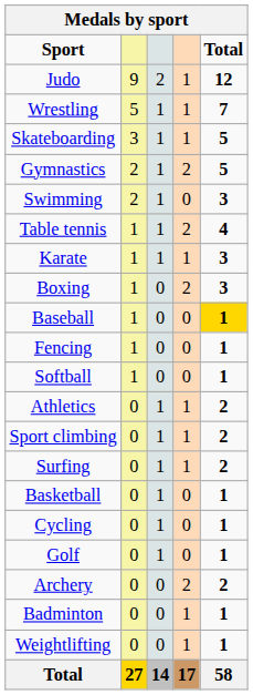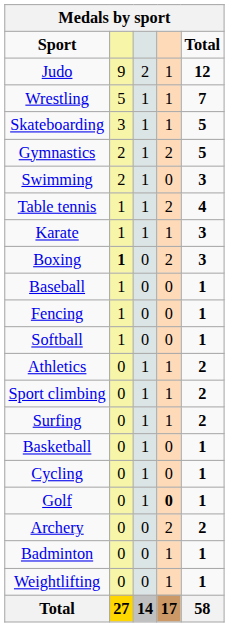 <table class="wikitable" style="font-size:95%; float:right;">
 <tr style="background:#efefef;">
 <th colspan=7>Medals by sport</th>
 </tr>
 <tr align=center>
 <td><strong>Sport</strong></td>
 <td style="background:#f7f6a8;"></td>
 <td style="background:#dce5e5;"></td>
 <td style="background:#ffdab9;"></td>
 <td><strong>Total</strong></td>
 </tr>
 <tr align=center>
 <td><a href='#'>Judo</a></td>
 <td style="background:#F7F6A8;">9</td>
 <td style="background:#DCE5E5;">2</td>
 <td style="background:#FFDAB9;">1</td>
 <td><strong>12</strong></td>
 </tr>
 <tr align=center>
 <td><a href='#'>Wrestling</a></td>
 <td style="background:#F7F6A8;">5</td>
 <td style="background:#DCE5E5;">1</td>
 <td style="background:#FFDAB9;">1</td>
 <td><strong>7</strong></td>
 </tr>
 <tr align=center>
 <td><a href='#'>Skateboarding</a></td>
 <td style="background:#F7F6A8;">3</td>
 <td style="background:#DCE5E5;">1</td>
 <td style="background:#FFDAB9;">1</td>
 <td><strong>5</strong></td>
 </tr>
 <tr align=center>
 <td><a href='#'>Gymnastics</a></td>
 <td style="background:#F7F6A8;">2</td>
 <td style="background:#DCE5E5;">1</td>
 <td style="background:#FFDAB9;">2</td>
 <td><strong>5</strong></td>
 </tr>
 <tr align=center>
 <td><a href='#'>Swimming</a></td>
 <td style="background:#F7F6A8;">2</td>
 <td style="background:#DCE5E5;">1</td>
 <td style="background:#FFDAB9;">0</td>
 <td><strong>3</strong></td>
 </tr>
 <tr align=center>
 <td><a href='#'>Table tennis</a></td>
 <td style="background:#F7F6A8;">1</td>
 <td style="background:#DCE5E5;">1</td>
 <td style="background:#FFDAB9;">2</td>
 <td><strong>4</strong></td>
 </tr>
 <tr align=center>
 <td><a href='#'>Karate</a></td>
 <td style="background:#F7F6A8;">1</td>
 <td style="background:#DCE5E5;">1</td>
 <td style="background:#FFDAB9;">1</td>
 <td><strong>3</strong></td>
 </tr>
 <tr align=center>
 <td><a href='#'>Boxing</a></td>
-<td style="background:#F7F6A8;">1</td>
+<td style="background:#F7F6A8;"><strong>1</strong></td>
 <td style="background:#DCE5E5;">0</td>
 <td style="background:#FFDAB9;">2</td>
 <td><strong>3</strong></td>
 </tr>
 <tr align=center>
 <td><a href='#'>Baseball</a></td>
 <td style="background:#F7F6A8;">1</td>
 <td style="background:#DCE5E5;">0</td>
 <td style="background:#FFDAB9;">0</td>
-<td style="background: gold;"><strong>1</strong></td>
+<td><strong>1</strong></td>
 </tr>
 <tr align=center>
 <td><a href='#'>Fencing</a></td>
 <td style="background:#F7F6A8;">1</td>
 <td style="background:#DCE5E5;">0</td>
 <td style="background:#FFDAB9;">0</td>
 <td><strong>1</strong></td>
 </tr>
 <tr align=center>
 <td><a href='#'>Softball</a></td>
 <td style="background:#F7F6A8;">1</td>
 <td style="background:#DCE5E5;">0</td>
 <td style="background:#FFDAB9;">0</td>
 <td><strong>1</strong></td>
 </tr>
 <tr align=center>
 <td><a href='#'>Athletics</a></td>
 <td style="background:#F7F6A8;">0</td>
 <td style="background:#DCE5E5;">1</td>
 <td style="background:#FFDAB9;">1</td>
 <td><strong>2</strong></td>
 </tr>
 <tr align=center>
 <td><a href='#'>Sport climbing</a></td>
 <td style="background:#F7F6A8;">0</td>
 <td style="background:#DCE5E5;">1</td>
 <td style="background:#FFDAB9;">1</td>
 <td><strong>2</strong></td>
 </tr>
 <tr align=center>
 <td><a href='#'>Surfing</a></td>
 <td style="background:#F7F6A8;">0</td>
 <td style="background:#DCE5E5;">1</td>
 <td style="background:#FFDAB9;">1</td>
 <td><strong>2</strong></td>
 </tr>
 <tr align=center>
 <td><a href='#'>Basketball</a></td>
 <td style="background:#F7F6A8;">0</td>
 <td style="background:#DCE5E5;">1</td>
 <td style="background:#FFDAB9;">0</td>
 <td><strong>1</strong></td>
 </tr>
 <tr align=center>
 <td><a href='#'>Cycling</a></td>
 <td style="background:#F7F6A8;">0</td>
 <td style="background:#DCE5E5;">1</td>
 <td style="background:#FFDAB9;">0</td>
 <td><strong>1</strong></td>
 </tr>
 <tr align=center>
 <td><a href='#'>Golf</a></td>
 <td style="background:#F7F6A8;">0</td>
 <td style="background:#DCE5E5;">1</td>
-<td style="background:#FFDAB9;">0</td>
+<td style="background:#FFDAB9;"><strong>0</strong></td>
 <td><strong>1</strong></td>
 </tr>
 <tr align=center>
 <td><a href='#'>Archery</a></td>
 <td style="background:#F7F6A8;">0</td>
 <td style="background:#DCE5E5;">0</td>
 <td style="background:#FFDAB9;">2</td>
 <td><strong>2</strong></td>
 </tr>
 <tr align=center>
 <td><a href='#'>Badminton</a></td>
 <td style="background:#F7F6A8;">0</td>
 <td style="background:#DCE5E5;">0</td>
 <td style="background:#FFDAB9;">1</td>
 <td><strong>1</strong></td>
 </tr>
 <tr align=center>
 <td><a href='#'>Weightlifting</a></td>
 <td style="background:#F7F6A8;">0</td>
 <td style="background:#DCE5E5;">0</td>
 <td style="background:#FFDAB9;">1</td>
 <td><strong>1</strong></td>
 </tr>
 <tr align=center>
 <th>Total</th>
 <th style="background:gold;">27</th>
 <th style="background:silver;">14</th>
 <th style="background:#c96;">17</th>
 <th>58</th>
 </tr>
 </table>
